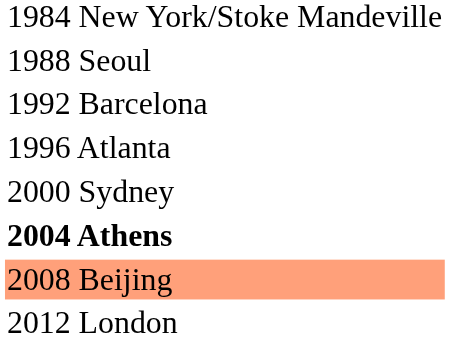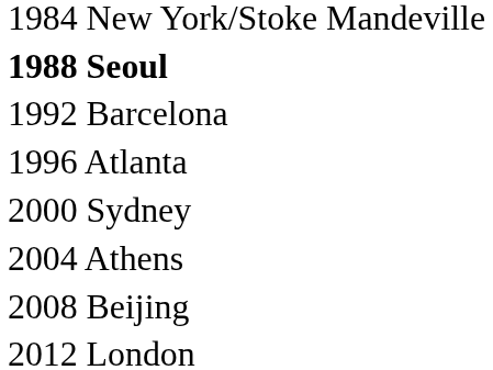 <table>
 <tr>
 <td>1984 New York/Stoke Mandeville <br></td>
 <td></td>
 <td></td>
 <td></td>
 </tr>
 <tr>
-<td>1988 Seoul <br></td>
+<td><strong>1988 Seoul <br></strong></td>
 <td></td>
 <td></td>
 <td></td>
 </tr>
 <tr>
 <td>1992 Barcelona <br></td>
 <td></td>
 <td></td>
 <td></td>
 </tr>
 <tr>
 <td>1996 Atlanta <br></td>
 <td></td>
 <td></td>
 <td></td>
 </tr>
 <tr>
 <td>2000 Sydney <br></td>
 <td></td>
 <td></td>
 <td></td>
 </tr>
 <tr>
-<td><strong>2004 Athens <br></strong></td>
+<td>2004 Athens <br></td>
 <td></td>
 <td></td>
 <td></td>
 </tr>
 <tr>
-<td style="background: lightsalmon;">2008 Beijing <br></td>
+<td>2008 Beijing <br></td>
 <td></td>
 <td></td>
 <td></td>
 </tr>
 <tr>
 <td>2012 London <br></td>
 <td></td>
 <td></td>
 <td></td>
 </tr>
 </table>
